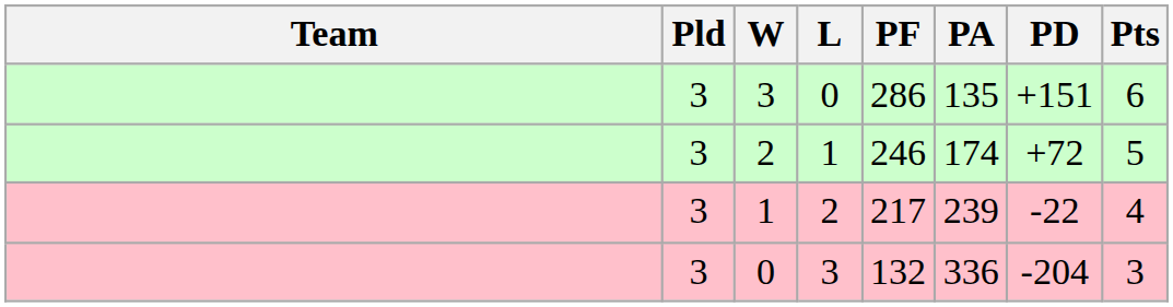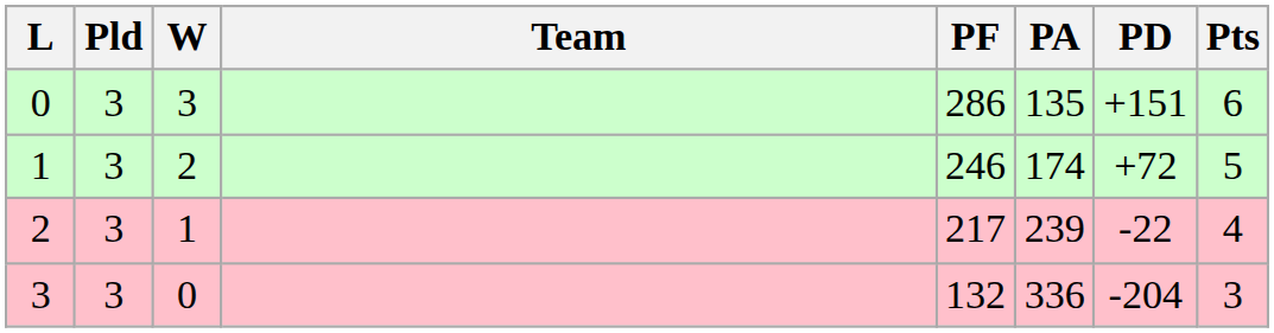 <table class="wikitable" style="text-align:center;">
 <tr>
-<th width=275>Team</th>
+<th width=20  abbr="Lost">L</th>
 <th width=20  abbr="Played">Pld</th>
 <th width=20  abbr="Won">W</th>
-<th width=20  abbr="Lost">L</th>
+<th width=275>Team</th>
 <th width=20  abbr="Points">PF</th>
 <th width=20  abbr="Points Against">PA</th>
 <th width=25  abbr="Points Difference">PD</th>
 <th width=20  abbr="Points">Pts</th>
 </tr>
 <tr bgcolor="ccffcc">
-<td style="text-align:left"></td>
+<td>0</td>
 <td>3</td>
 <td>3</td>
-<td>0</td>
+<td style="text-align:left"></td>
 <td>286</td>
 <td>135</td>
 <td>+151</td>
 <td>6</td>
 </tr>
 <tr bgcolor="ccffcc">
-<td style="text-align:left"></td>
+<td>1</td>
 <td>3</td>
 <td>2</td>
-<td>1</td>
+<td style="text-align:left"></td>
 <td>246</td>
 <td>174</td>
 <td>+72</td>
 <td>5</td>
 </tr>
 <tr bgcolor="pink">
-<td style="text-align:left"></td>
+<td>2</td>
 <td>3</td>
 <td>1</td>
-<td>2</td>
+<td style="text-align:left"></td>
 <td>217</td>
 <td>239</td>
 <td>-22</td>
 <td>4</td>
 </tr>
 <tr bgcolor="pink">
-<td style="text-align:left"></td>
+<td>3</td>
 <td>3</td>
 <td>0</td>
-<td>3</td>
+<td style="text-align:left"></td>
 <td>132</td>
 <td>336</td>
 <td>-204</td>
 <td>3</td>
 </tr>
 </table>
